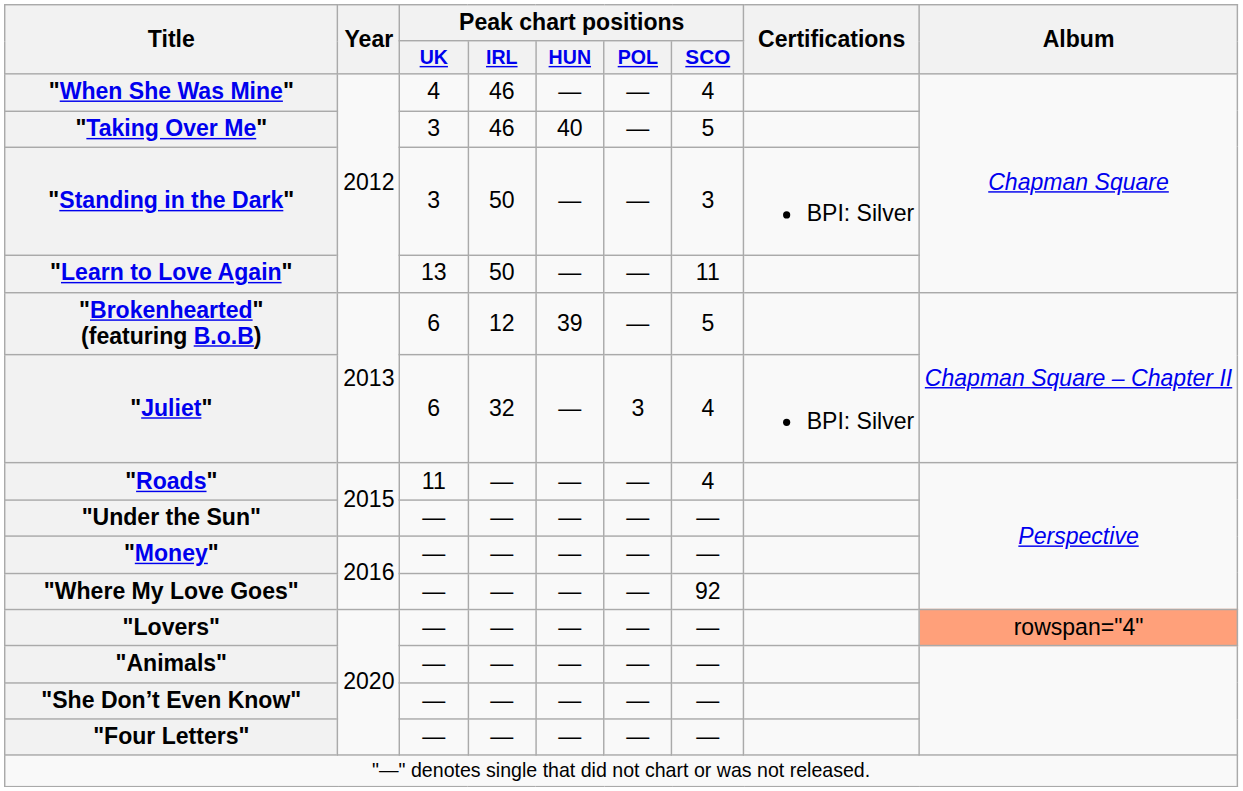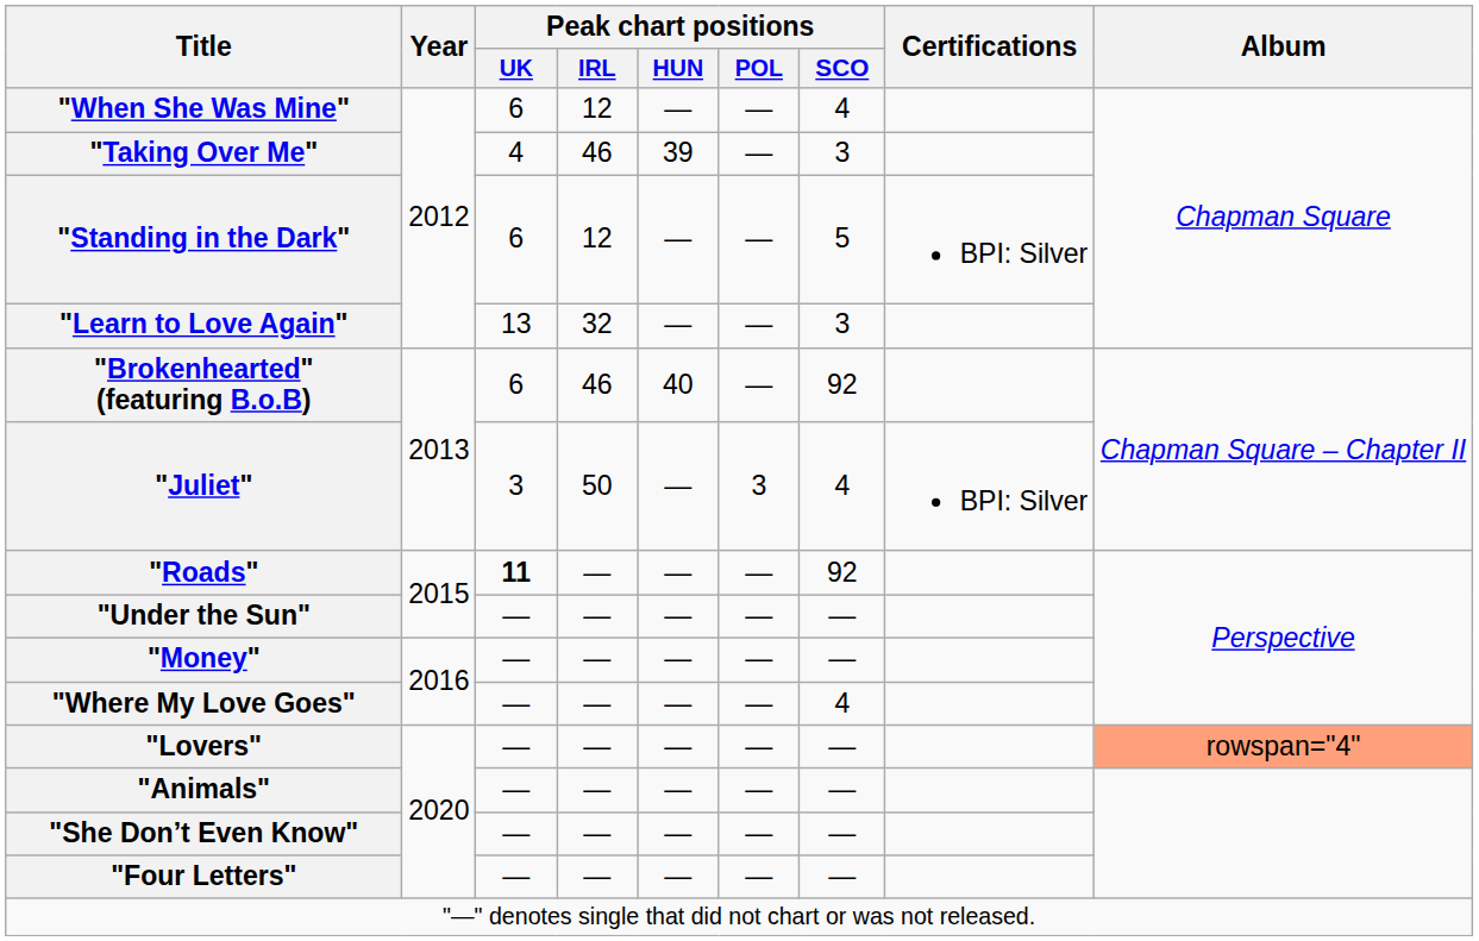 <table class="wikitable plainrowheaders" style="text-align:center;">
 <tr>
 <th scope="col" rowspan="2" style="width:14em;">Title</th>
 <th scope="col" rowspan="2" style="width:1em;">Year</th>
 <th scope="col" colspan="5">Peak chart positions</th>
 <th scope="col" rowspan="2">Certifications</th>
 <th scope="col" rowspan="2">Album</th>
 </tr>
 <tr>
 <th scope="col" style="width:3em;font-size:85%;"><a href='#'>UK</a><br></th>
 <th scope="col" style="width:3em;font-size:85%;"><a href='#'>IRL</a><br></th>
 <th scope="col" style="width:3em;font-size:85%;"><a href='#'>HUN</a></th>
 <th scope="col" style="width:3em;font-size:85%;"><a href='#'>POL</a><br></th>
 <th scope="col" style="width:3em;font-size:90%;"><a href='#'>SCO</a></th>
 </tr>
 <tr>
 <th scope="row">"<a href='#'>When She Was Mine</a>"</th>
 <td rowspan="4">2012</td>
-<td>4</td>
-<td>46</td>
+<td>6</td>
+<td>12</td>
 <td>—</td>
 <td>—</td>
 <td>4</td>
 <td></td>
 <td rowspan="4"><em><a href='#'>Chapman Square</a></em></td>
 </tr>
 <tr>
 <th scope="row">"<a href='#'>Taking Over Me</a>"</th>
+<td>4</td>
+<td>46</td>
+<td>39</td>
+<td>—</td>
 <td>3</td>
-<td>46</td>
-<td>40</td>
-<td>—</td>
-<td>5</td>
 <td></td>
 </tr>
 <tr>
 <th scope="row">"<a href='#'>Standing in the Dark</a>"</th>
-<td>3</td>
-<td>50</td>
+<td>6</td>
+<td>12</td>
 <td>—</td>
 <td>—</td>
-<td>3</td>
+<td>5</td>
 <td><br><ul><li>BPI: Silver</li></ul></td>
 </tr>
 <tr>
 <th scope="row">"<a href='#'>Learn to Love Again</a>"</th>
 <td>13</td>
-<td>50</td>
+<td>32</td>
 <td>—</td>
 <td>—</td>
-<td>11</td>
+<td>3</td>
 <td></td>
 </tr>
 <tr>
 <th scope="row">"<a href='#'>Brokenhearted</a>"<br><span>(featuring <a href='#'>B.o.B</a>)</span></th>
 <td rowspan="2">2013</td>
 <td>6</td>
-<td>12</td>
-<td>39</td>
+<td>46</td>
+<td>40</td>
 <td>—</td>
-<td>5</td>
+<td>92</td>
 <td></td>
 <td rowspan="2"><em><a href='#'>Chapman Square – Chapter II</a></em></td>
 </tr>
 <tr>
 <th scope="row">"<a href='#'>Juliet</a>"</th>
-<td>6</td>
-<td>32</td>
+<td>3</td>
+<td>50</td>
 <td>—</td>
 <td>3</td>
 <td>4</td>
 <td><br><ul><li>BPI: Silver</li></ul></td>
 </tr>
 <tr>
 <th scope="row">"<a href='#'>Roads</a>"</th>
 <td rowspan="2">2015</td>
-<td>11</td>
+<td><strong>11</strong></td>
 <td>—</td>
 <td>—</td>
 <td>—</td>
-<td>4</td>
+<td>92</td>
 <td></td>
 <td rowspan="4"><em><a href='#'>Perspective</a></em></td>
 </tr>
 <tr>
 <th scope="row">"Under the Sun"</th>
 <td>—</td>
 <td>—</td>
 <td>—</td>
 <td>—</td>
 <td>—</td>
 <td></td>
 </tr>
 <tr>
 <th scope="row">"<a href='#'>Money</a>"</th>
 <td rowspan="2">2016</td>
 <td>—</td>
 <td>—</td>
 <td>—</td>
 <td>—</td>
 <td>—</td>
 <td></td>
 </tr>
 <tr>
 <th scope="row">"Where My Love Goes"</th>
 <td>—</td>
 <td>—</td>
 <td>—</td>
 <td>—</td>
-<td>92</td>
+<td>4</td>
 </tr>
 <tr>
 <th scope="row">"Lovers"</th>
 <td rowspan="4">2020</td>
 <td>—</td>
 <td>—</td>
 <td>—</td>
 <td>—</td>
 <td>—</td>
 <td></td>
 <td style="background: lightsalmon;">rowspan="4" </td>
 </tr>
 <tr>
 <th scope="row">"Animals"</th>
 <td>—</td>
 <td>—</td>
 <td>—</td>
 <td>—</td>
 <td>—</td>
 <td></td>
 </tr>
 <tr>
 <th scope="row">"She Don’t Even Know"</th>
 <td>—</td>
 <td>—</td>
 <td>—</td>
 <td>—</td>
 <td>—</td>
 <td></td>
 </tr>
 <tr>
 <th scope="row">"Four Letters"</th>
 <td>—</td>
 <td>—</td>
 <td>—</td>
 <td>—</td>
 <td>—</td>
 <td></td>
 </tr>
 <tr>
 <td colspan="9" style="font-size:85%">"—" denotes single that did not chart or was not released.</td>
 </tr>
 </table>
